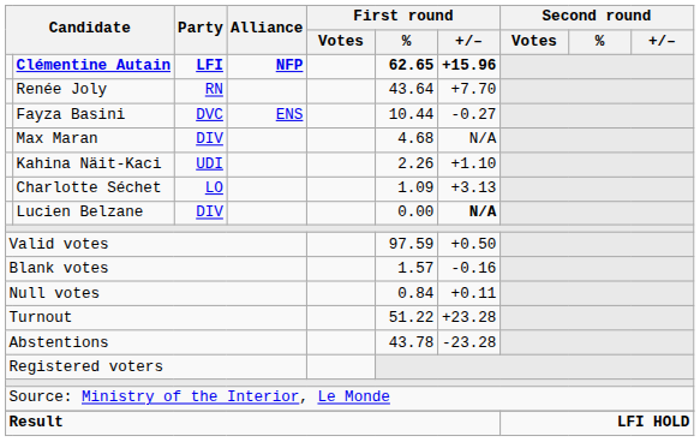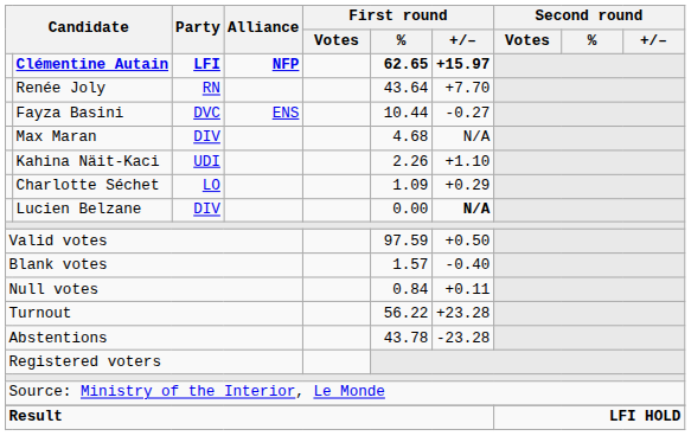 <table class="wikitable" style="text-align:right;font-size:95%;">
 <tr>
 <th rowspan="2" colspan="2">Candidate</th>
 <th rowspan="2">Party</th>
 <th rowspan="2">Alliance</th>
 <th colspan="3">First round</th>
 <th colspan="3">Second round</th>
 </tr>
 <tr>
 <th style="width:50px;">Votes</th>
 <th style="width:45px;">%</th>
 <th style="width:45px;">+/–</th>
 <th style="width:50px;">Votes</th>
 <th style="width:45px;">%</th>
 <th style="width:45px;">+/–</th>
 </tr>
 <tr>
 <td style="color:inherit;background:"></td>
 <td style="text-align:left;"><strong><a href='#'>Clémentine Autain</a></strong></td>
 <td><a href='#'><strong>LFI</strong></a></td>
 <td><a href='#'><strong>NFP</strong></a></td>
 <td><strong></strong></td>
 <td><strong>62.65</strong></td>
-<td><strong>+15.96</strong></td>
+<td><strong>+15.97</strong></td>
 <td colspan="3" style="background:#E9E9E9;"></td>
 </tr>
 <tr>
 <td style="color:inherit;background:"></td>
 <td style="text-align:left;">Renée Joly</td>
 <td><a href='#'>RN</a></td>
 <td></td>
 <td></td>
 <td>43.64</td>
 <td>+7.70</td>
 <td colspan="3" style="background:#E9E9E9;"></td>
 </tr>
 <tr>
 <td style="color:inherit;background:"></td>
 <td style="text-align:left;">Fayza Basini</td>
 <td><a href='#'>DVC</a></td>
 <td><a href='#'>ENS</a></td>
 <td></td>
 <td>10.44</td>
 <td>-0.27</td>
 <td colspan="3" style="background:#E9E9E9;"></td>
 </tr>
 <tr>
 <td style="color:inherit;background:"></td>
 <td style="text-align:left;">Max Maran</td>
 <td><a href='#'>DIV</a></td>
 <td></td>
 <td></td>
 <td>4.68</td>
 <td>N/A</td>
 <td colspan="3" style="background:#E9E9E9;"></td>
 </tr>
 <tr>
 <td style="color:inherit;background:"></td>
 <td style="text-align:left;">Kahina Näit-Kaci</td>
 <td><a href='#'>UDI</a></td>
 <td></td>
 <td></td>
 <td>2.26</td>
 <td>+1.10</td>
 <td colspan="3" style="background:#E9E9E9;"></td>
 </tr>
 <tr>
 <td style="color:inherit;background:"></td>
 <td style="text-align:left;">Charlotte Séchet</td>
 <td><a href='#'>LO</a></td>
 <td></td>
 <td></td>
 <td>1.09</td>
-<td>+3.13</td>
+<td>+0.29</td>
 <td colspan="3" style="background:#E9E9E9;"></td>
 </tr>
 <tr>
 <td style="color:inherit;background:"></td>
 <td style="text-align:left;">Lucien Belzane</td>
 <td><a href='#'>DIV</a></td>
 <td></td>
 <td></td>
 <td>0.00</td>
 <td><strong>N/A</strong></td>
 <td colspan="3" style="background:#E9E9E9;"></td>
 </tr>
 <tr>
 <td colspan="10" style="background:#E9E9E9;"></td>
 </tr>
 <tr>
 <td colspan="4" style="text-align:left;">Valid votes</td>
 <td></td>
 <td>97.59</td>
 <td>+0.50</td>
 <td colspan="3" style="background:#E9E9E9;"></td>
 </tr>
 <tr>
 <td colspan="4" style="text-align:left;">Blank votes</td>
 <td></td>
 <td>1.57</td>
-<td>-0.16</td>
+<td>-0.40</td>
 <td colspan="3" style="background:#E9E9E9;"></td>
 </tr>
 <tr>
 <td colspan="4" style="text-align:left;">Null votes</td>
 <td></td>
 <td>0.84</td>
 <td>+0.11</td>
 <td colspan="3" style="background:#E9E9E9;"></td>
 </tr>
 <tr>
 <td colspan="4" style="text-align:left;">Turnout</td>
 <td></td>
-<td>51.22</td>
+<td>56.22</td>
 <td>+23.28</td>
 <td colspan="3" style="background:#E9E9E9;"></td>
 </tr>
 <tr>
 <td colspan="4" style="text-align:left;">Abstentions</td>
 <td></td>
 <td>43.78</td>
 <td>-23.28</td>
 <td colspan="3" style="background:#E9E9E9;"></td>
 </tr>
 <tr>
 <td colspan="4" style="text-align:left;">Registered voters</td>
 <td></td>
 <td colspan="5" style="background:#E9E9E9;"></td>
 </tr>
 <tr>
 <td colspan="10" style="background:#E9E9E9;"></td>
 </tr>
 <tr>
 <td colspan="10" style="text-align:left;">Source: <a href='#'>Ministry of the Interior</a>, <a href='#'>Le Monde</a></td>
 </tr>
 <tr>
 </tr>
 <tr style="font-weight:bold">
 <td colspan="7" style="text-align:left;">Result</td>
 <td colspan="7" style="background-color:">LFI HOLD</td>
 </tr>
 </table>
